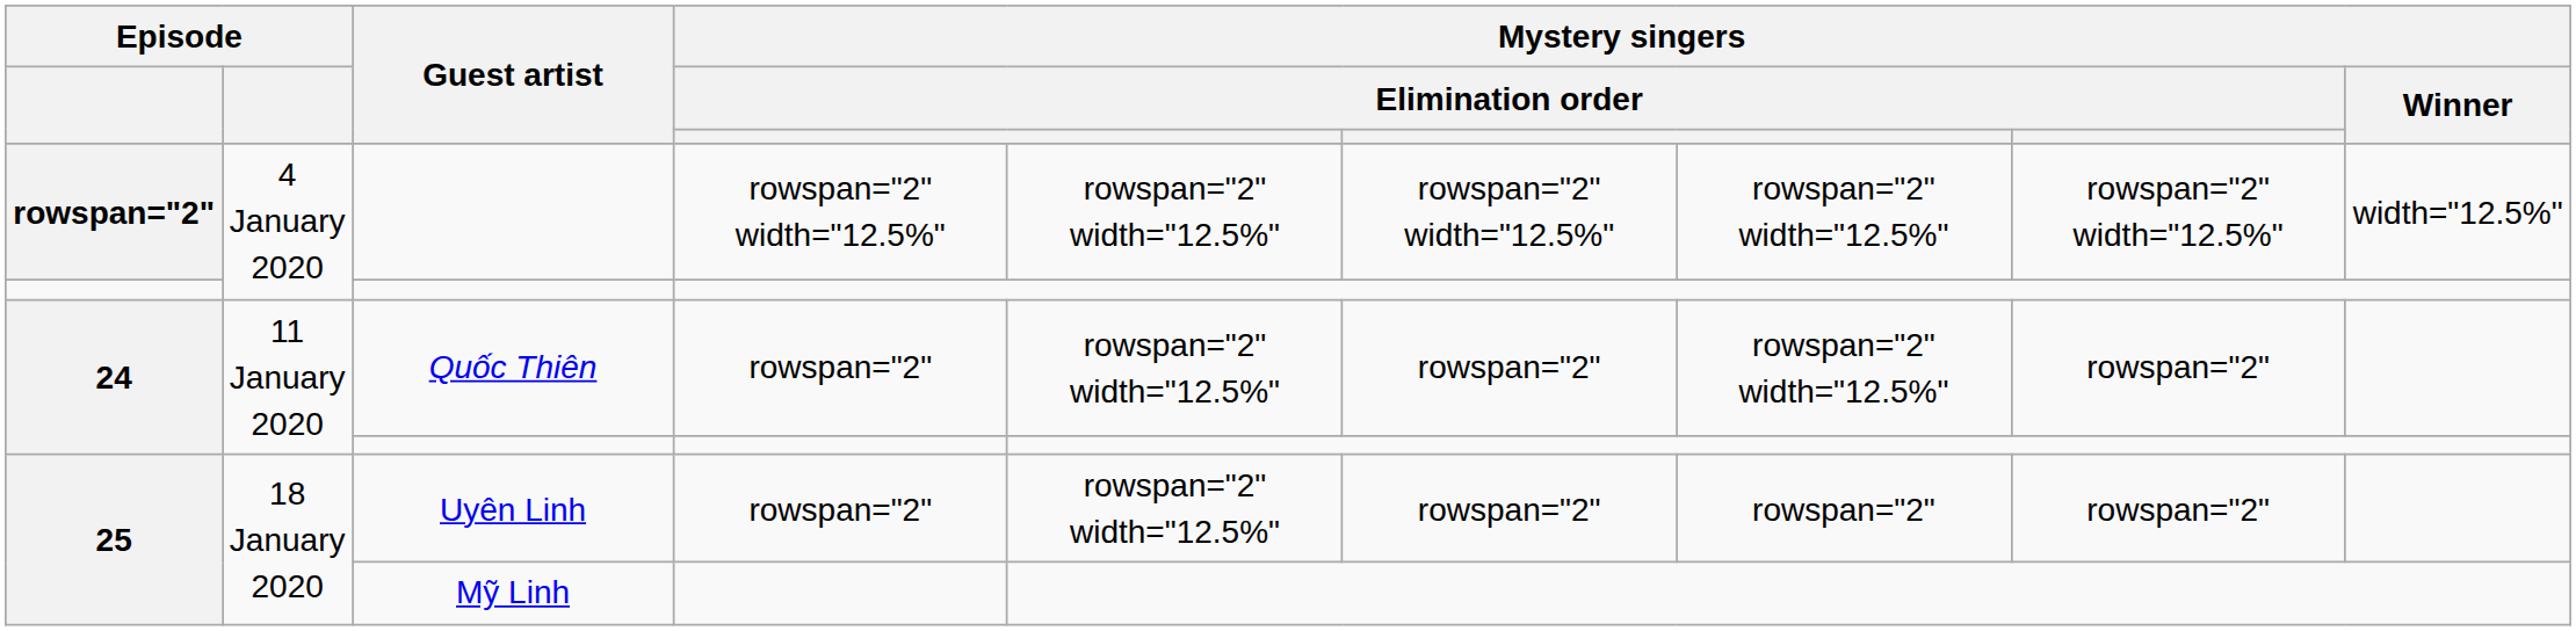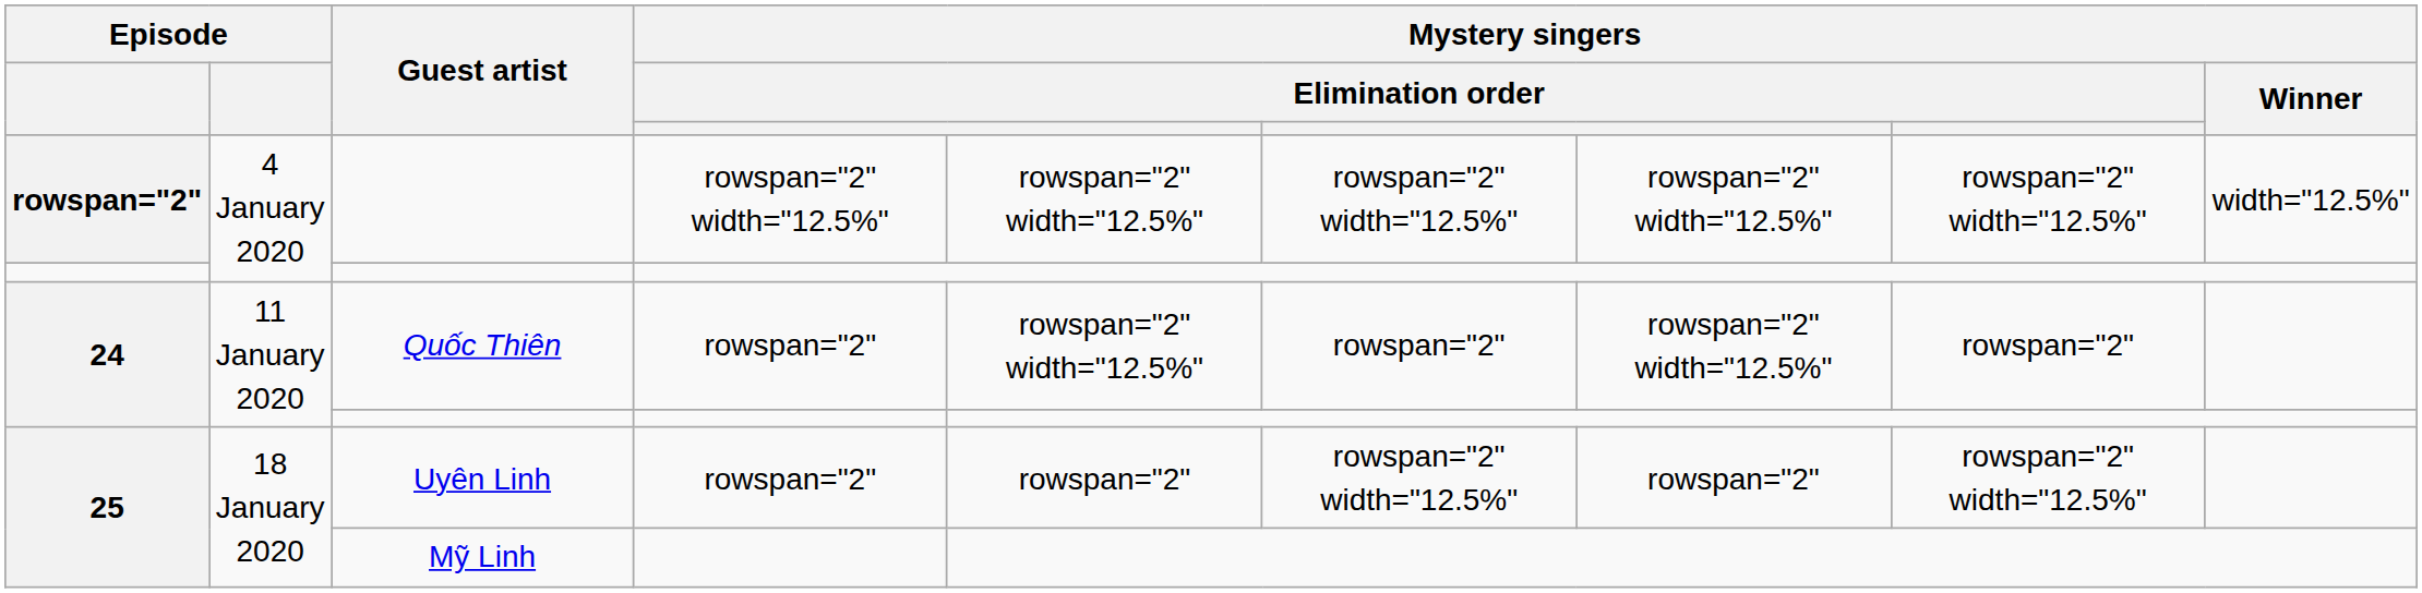 <table class="wikitable plainrowheaders mw-collapsible" style="text-align:center; line-height:23px; width:100%;">
 <tr>
 <th colspan="2" width="1%">Episode</th>
 <th rowspan="3" width="12.5%">Guest artist</th>
 <th colspan="6">Mystery singers<br></th>
 </tr>
 <tr>
 <th rowspan="2"></th>
 <th rowspan="2"></th>
 <th colspan="5">Elimination order</th>
 <th rowspan="2">Winner</th>
 </tr>
 <tr>
 <th colspan="2"></th>
 <th colspan="2"></th>
 <th></th>
 </tr>
 <tr>
 <th>rowspan="2" </th>
 <td rowspan="2">4 January 2020</td>
 <td></td>
 <td>rowspan="2" width="12.5%" </td>
 <td>rowspan="2" width="12.5%" </td>
 <td>rowspan="2" width="12.5%" </td>
 <td>rowspan="2" width="12.5%" </td>
 <td>rowspan="2" width="12.5%" </td>
 <td>width="12.5%" </td>
 </tr>
 <tr>
 <td><em></em></td>
 <td></td>
 </tr>
 <tr>
 <th rowspan="2">24</th>
 <td rowspan="2">11 January 2020</td>
 <td><em><a href='#'>Quốc Thiên</a></em></td>
 <td>rowspan="2" </td>
 <td>rowspan="2" width="12.5%" </td>
 <td>rowspan="2" </td>
 <td>rowspan="2" width="12.5%" </td>
 <td>rowspan="2" </td>
 <td></td>
 </tr>
 <tr>
 <td></td>
 <td></td>
 </tr>
 <tr>
 <th rowspan="2">25</th>
 <td rowspan="2">18 January 2020</td>
 <td><a href='#'>Uyên Linh</a></td>
 <td>rowspan="2" </td>
+<td>rowspan="2" </td>
 <td>rowspan="2" width="12.5%" </td>
 <td>rowspan="2" </td>
-<td>rowspan="2" </td>
-<td>rowspan="2" </td>
+<td>rowspan="2" width="12.5%" </td>
 <td></td>
 </tr>
 <tr>
 <td><a href='#'>Mỹ Linh</a></td>
 <td></td>
 </tr>
 </table>
